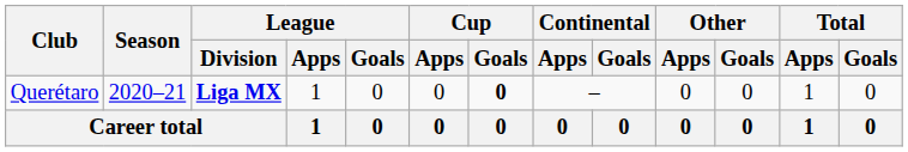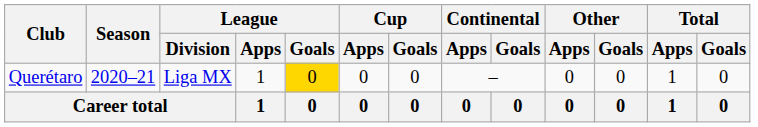 <table class="wikitable" style="text-align: center">
 <tr>
 <th rowspan="2">Club</th>
 <th rowspan="2">Season</th>
 <th colspan="3">League</th>
 <th colspan="2">Cup</th>
 <th colspan="2">Continental</th>
 <th colspan="2">Other</th>
 <th colspan="2">Total</th>
 </tr>
 <tr>
 <th>Division</th>
 <th>Apps</th>
 <th>Goals</th>
 <th>Apps</th>
 <th>Goals</th>
 <th>Apps</th>
 <th>Goals</th>
 <th>Apps</th>
 <th>Goals</th>
 <th>Apps</th>
 <th>Goals</th>
 </tr>
 <tr>
 <td><a href='#'>Querétaro</a></td>
 <td><a href='#'>2020–21</a></td>
-<td><strong><a href='#'>Liga MX</a></strong></td>
+<td><a href='#'>Liga MX</a></td>
 <td>1</td>
+<td style="background: gold;">0</td>
 <td>0</td>
 <td>0</td>
-<td><strong>0</strong></td>
 <td colspan="2">–</td>
 <td>0</td>
 <td>0</td>
 <td>1</td>
 <td>0</td>
 </tr>
 <tr>
 <th colspan=3>Career total</th>
 <th>1</th>
 <th>0</th>
 <th>0</th>
 <th>0</th>
 <th>0</th>
 <th>0</th>
 <th>0</th>
 <th>0</th>
 <th>1</th>
 <th>0</th>
 </tr>
 </table>
